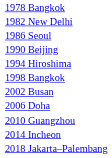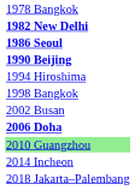 <table>
 <tr>
 <td><a href='#'>1978 Bangkok</a></td>
 <td></td>
 <td></td>
 <td></td>
 </tr>
 <tr>
-<td><a href='#'>1982 New Delhi</a></td>
+<td><strong><a href='#'>1982 New Delhi</a></strong></td>
 <td></td>
 <td></td>
 <td></td>
 </tr>
 <tr>
-<td><a href='#'>1986 Seoul</a></td>
+<td><strong><a href='#'>1986 Seoul</a></strong></td>
 <td></td>
 <td></td>
 <td></td>
 </tr>
 <tr>
-<td><a href='#'>1990 Beijing</a></td>
+<td><strong><a href='#'>1990 Beijing</a></strong></td>
 <td></td>
 <td></td>
 <td></td>
 </tr>
 <tr>
 <td><a href='#'>1994 Hiroshima</a></td>
 <td></td>
 <td></td>
 <td></td>
 </tr>
 <tr>
 <td><a href='#'>1998 Bangkok</a></td>
 <td></td>
 <td></td>
 <td></td>
 </tr>
 <tr>
 <td><a href='#'>2002 Busan</a></td>
 <td></td>
 <td></td>
 <td></td>
 </tr>
 <tr>
-<td><a href='#'>2006 Doha</a></td>
+<td><strong><a href='#'>2006 Doha</a></strong></td>
 <td></td>
 <td></td>
 <td></td>
 </tr>
 <tr>
-<td><a href='#'>2010 Guangzhou</a></td>
+<td style="background: lightgreen;"><a href='#'>2010 Guangzhou</a></td>
 <td></td>
 <td></td>
 <td></td>
 </tr>
 <tr>
 <td><a href='#'>2014 Incheon</a></td>
 <td></td>
 <td></td>
 <td></td>
 </tr>
 <tr>
 <td><a href='#'>2018 Jakarta–Palembang</a></td>
 <td></td>
 <td></td>
 <td></td>
 </tr>
 </table>
